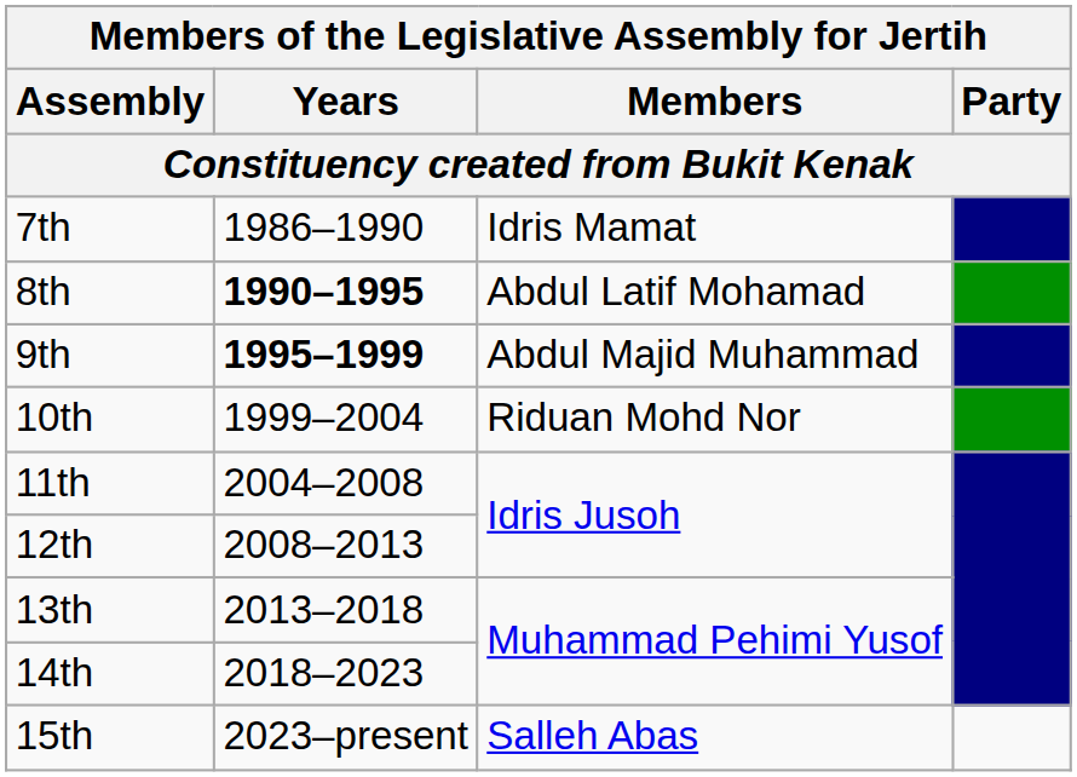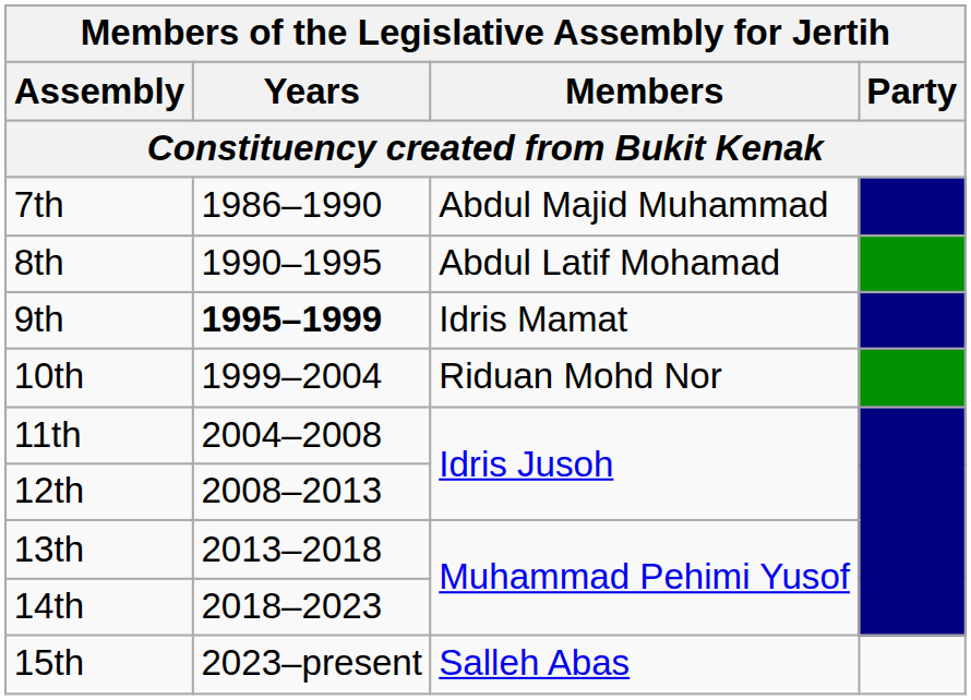 <table class="wikitable">
 <tr>
 <th colspan="4">Members of the Legislative Assembly for Jertih</th>
 </tr>
 <tr>
 <th>Assembly</th>
 <th>Years</th>
 <th>Members</th>
 <th>Party</th>
 </tr>
 <tr>
 <th colspan="4"><em>Constituency created from Bukit Kenak</em></th>
 </tr>
 <tr>
 <td>7th</td>
 <td>1986–1990</td>
-<td>Idris Mamat</td>
+<td>Abdul Majid Muhammad</td>
 <td bgcolor=#000080></td>
 </tr>
 <tr>
 <td>8th</td>
-<td><strong>1990–1995</strong></td>
+<td>1990–1995</td>
 <td>Abdul Latif Mohamad</td>
 <td bgcolor=#009000></td>
 </tr>
 <tr>
 <td>9th</td>
 <td><strong>1995–1999</strong></td>
-<td>Abdul Majid Muhammad</td>
+<td>Idris Mamat</td>
 <td bgcolor=#000080></td>
 </tr>
 <tr>
 <td>10th</td>
 <td>1999–2004</td>
 <td>Riduan Mohd Nor</td>
 <td bgcolor=#009000></td>
 </tr>
 <tr>
 <td>11th</td>
 <td>2004–2008</td>
 <td rowspan="2"><a href='#'>Idris Jusoh</a></td>
 <td rowspan="4" bgcolor=#000080></td>
 </tr>
 <tr>
 <td>12th</td>
 <td>2008–2013</td>
 </tr>
 <tr>
 <td>13th</td>
 <td>2013–2018</td>
 <td rowspan="2"><a href='#'>Muhammad Pehimi Yusof</a></td>
 </tr>
 <tr>
 <td>14th</td>
 <td>2018–2023</td>
 </tr>
 <tr>
 <td>15th</td>
 <td>2023–present</td>
 <td><a href='#'>Salleh Abas</a></td>
 <td></td>
 </tr>
 </table>
